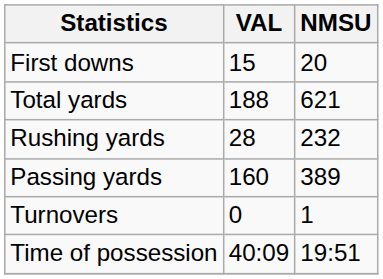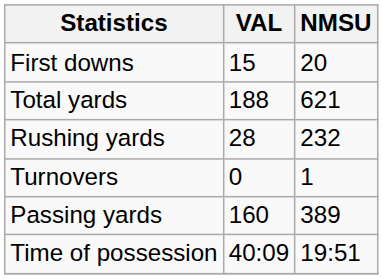 <table class="wikitable" style="float: left;">
 <tr>
 <th>Statistics</th>
 <th>VAL</th>
 <th>NMSU</th>
 </tr>
 <tr>
 <td>First downs</td>
 <td>15</td>
 <td>20</td>
 </tr>
 <tr>
 <td>Total yards</td>
 <td>188</td>
 <td>621</td>
 </tr>
 <tr>
 <td>Rushing yards</td>
 <td>28</td>
 <td>232</td>
 </tr>
 <tr>
+<td>Turnovers</td>
+<td>0</td>
+<td>1</td>
+</tr>
+<tr>
 <td>Passing yards</td>
 <td>160</td>
 <td>389</td>
-</tr>
-<tr>
-<td>Turnovers</td>
-<td>0</td>
-<td>1</td>
 </tr>
 <tr>
 <td>Time of possession</td>
 <td>40:09</td>
 <td>19:51</td>
 </tr>
 <tr>
 </tr>
 </table>
